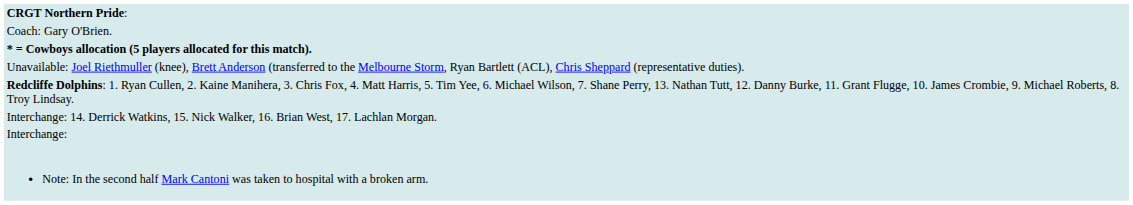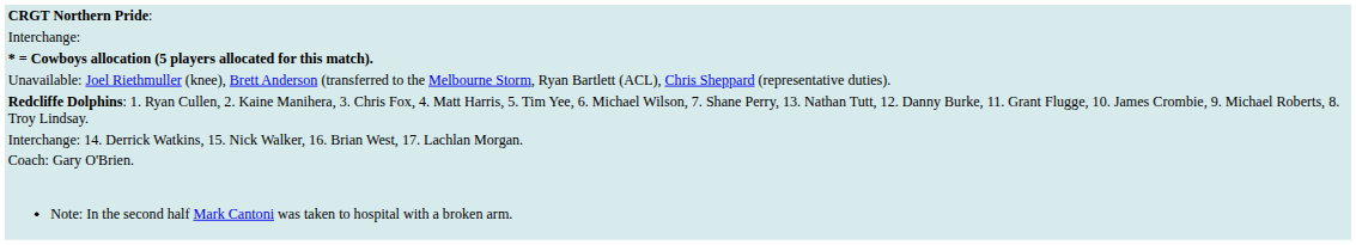 <table style="background:#d7ebed; font-size:85%; width:100%;">
 <tr>
 <td><strong>CRGT Northern Pride</strong>:             </td>
 </tr>
 <tr>
-<td>Coach: Gary O'Brien.</td>
+<td>Interchange:    </td>
 </tr>
 <tr>
 <td><strong>* = Cowboys allocation (5 players allocated for this match).</strong></td>
 </tr>
 <tr>
 <td>Unavailable: <a href='#'>Joel Riethmuller</a> (knee), <a href='#'>Brett Anderson</a> (transferred to the <a href='#'>Melbourne Storm</a>, Ryan Bartlett (ACL), <a href='#'>Chris Sheppard</a> (representative duties).</td>
 </tr>
 <tr>
 <td><strong>Redcliffe Dolphins</strong>: 1. Ryan Cullen, 2. Kaine Manihera, 3. Chris Fox, 4. Matt Harris, 5. Tim Yee, 6. Michael Wilson, 7. Shane Perry, 13. Nathan Tutt, 12. Danny Burke, 11. Grant Flugge, 10. James Crombie, 9. Michael Roberts, 8. Troy Lindsay.</td>
 </tr>
 <tr>
 <td>Interchange: 14. Derrick Watkins, 15. Nick Walker, 16. Brian West, 17. Lachlan Morgan.</td>
 </tr>
 <tr>
-<td>Interchange:    </td>
+<td>Coach: Gary O'Brien.</td>
 </tr>
 <tr>
 <td><br><ul><li>Note: In the second half <a href='#'>Mark Cantoni</a> was taken to hospital with a broken arm.</li></ul></td>
 </tr>
 </table>
